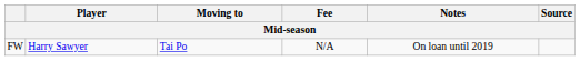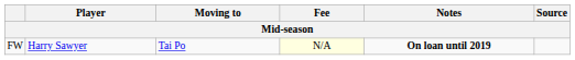 <table class="wikitable sortable">
 <tr>
 <th style="width:20px;"></th>
 <th style="width:190px;">Player</th>
 <th style="width:180px;">Moving to</th>
 <th style="width:120px;" class="unsortable">Fee</th>
 <th style="width:250px;" class="unsortable">Notes</th>
 <th style="width:20px;" class="unsortable">Source</th>
 </tr>
 <tr>
 <th colspan="6">Mid-season</th>
 </tr>
 <tr>
 <td align="center">FW</td>
 <td> <a href='#'>Harry Sawyer</a></td>
 <td> <a href='#'>Tai Po</a></td>
-<td align="center">N/A</td>
-<td align="center">On loan until 2019</td>
+<td align="center" style="background: lightyellow;">N/A</td>
+<td align="center"><strong>On loan until 2019</strong></td>
 <td></td>
 </tr>
 </table>
